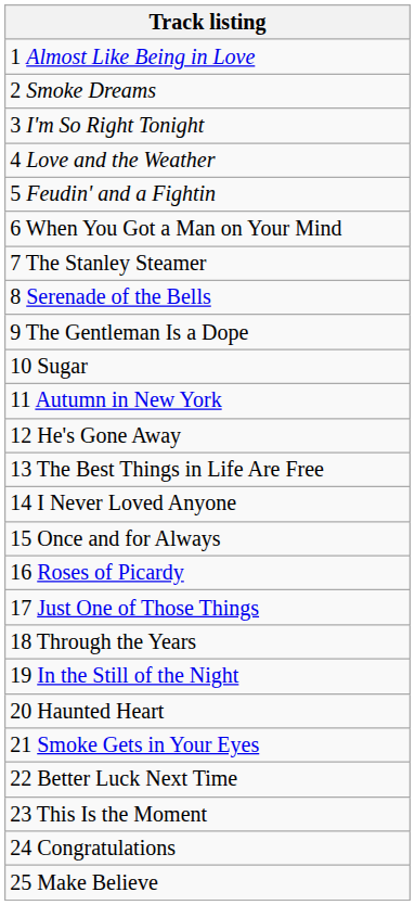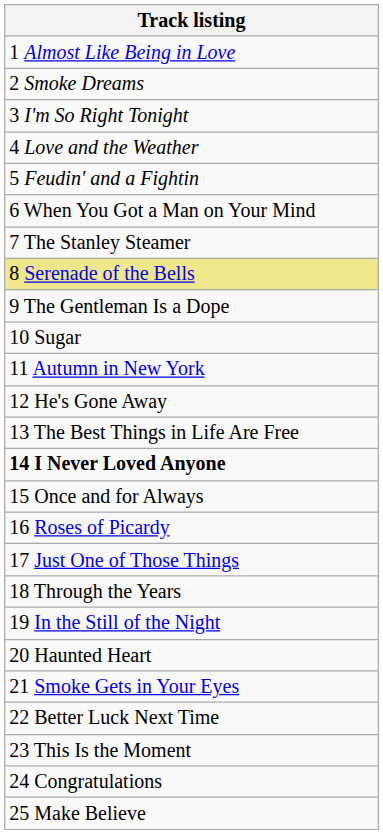 <table class="wikitable collapsible collapsed" style="width:300px;">
 <tr>
 <th>Track listing</th>
 </tr>
 <tr>
 <td>1 <em><a href='#'>Almost Like Being in Love</a></em></td>
 </tr>
 <tr>
 <td>2 <em>Smoke Dreams</em></td>
 </tr>
 <tr>
 <td>3 <em>I'm So Right Tonight</em></td>
 </tr>
 <tr>
 <td>4 <em>Love and the Weather</em></td>
 </tr>
 <tr>
 <td>5 <em>Feudin' and a Fightin<strong></td>
 </tr>
 <tr>
 <td>6 </em>When You Got a Man on Your Mind<em></td>
 </tr>
 <tr>
 <td>7 </em>The Stanley Steamer<em></td>
 </tr>
 <tr>
-<td>8 </em><a href='#'>Serenade of the Bells</a><em></td>
+<td style="background: khaki;">8 </em><a href='#'>Serenade of the Bells</a><em></td>
 </tr>
 <tr>
 <td>9 </em>The Gentleman Is a Dope<em></td>
 </tr>
 <tr>
 <td>10 </em>Sugar<em></td>
 </tr>
 <tr>
 <td>11 </em><a href='#'>Autumn in New York</a><em></td>
 </tr>
 <tr>
 <td>12 </em>He's Gone Away<em></td>
 </tr>
 <tr>
 <td>13 </em>The Best Things in Life Are Free<em></td>
 </tr>
 <tr>
-<td>14 </em>I Never Loved Anyone<em></td>
+<td><strong>14 </em>I Never Loved Anyone<em></strong></td>
 </tr>
 <tr>
 <td>15 </em>Once and for Always<em></td>
 </tr>
 <tr>
 <td>16 </em><a href='#'>Roses of Picardy</a><em></td>
 </tr>
 <tr>
 <td>17 </em><a href='#'>Just One of Those Things</a><em></td>
 </tr>
 <tr>
 <td>18 </em>Through the Years<em></td>
 </tr>
 <tr>
 <td>19 </em><a href='#'>In the Still of the Night</a><em></td>
 </tr>
 <tr>
 <td>20 </em>Haunted Heart<em></td>
 </tr>
 <tr>
 <td>21 </em><a href='#'>Smoke Gets in Your Eyes</a><em></td>
 </tr>
 <tr>
 <td>22 </em>Better Luck Next Time<em></td>
 </tr>
 <tr>
 <td>23 </em>This Is the Moment<em></td>
 </tr>
 <tr>
 <td>24 </em>Congratulations<em></td>
 </tr>
 <tr>
 <td>25 </em>Make Believe<em></td>
 </tr>
 </table>
